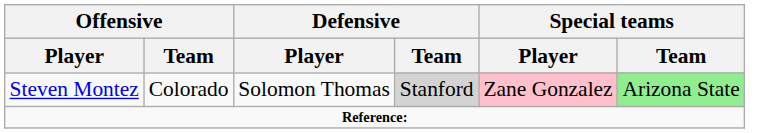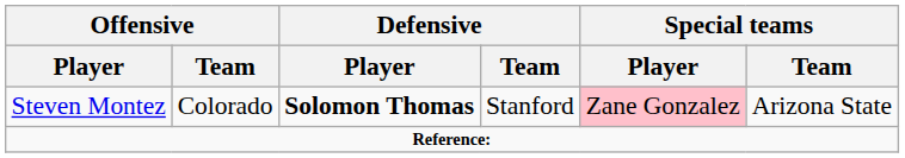 <table class="wikitable">
 <tr>
 <th colspan="2">Offensive</th>
 <th colspan="2">Defensive</th>
 <th colspan="2">Special teams</th>
 </tr>
 <tr>
 <th>Player</th>
 <th>Team</th>
 <th>Player</th>
 <th>Team</th>
 <th>Player</th>
 <th>Team</th>
 </tr>
 <tr>
 <td><a href='#'>Steven Montez</a></td>
 <td>Colorado</td>
-<td>Solomon Thomas</td>
-<td style="background: lightgrey;">Stanford</td>
+<td><strong>Solomon Thomas</strong></td>
+<td>Stanford</td>
 <td style="background: pink;">Zane Gonzalez</td>
-<td style="background: lightgreen;">Arizona State</td>
+<td>Arizona State</td>
 </tr>
 <tr>
 <td colspan="12"  style="font-size:8pt; text-align:center;"><strong>Reference:</strong></td>
 </tr>
 </table>
